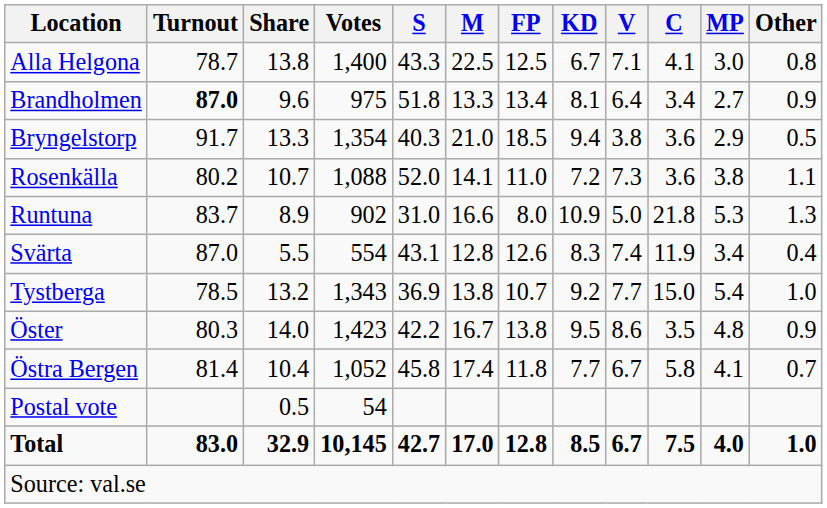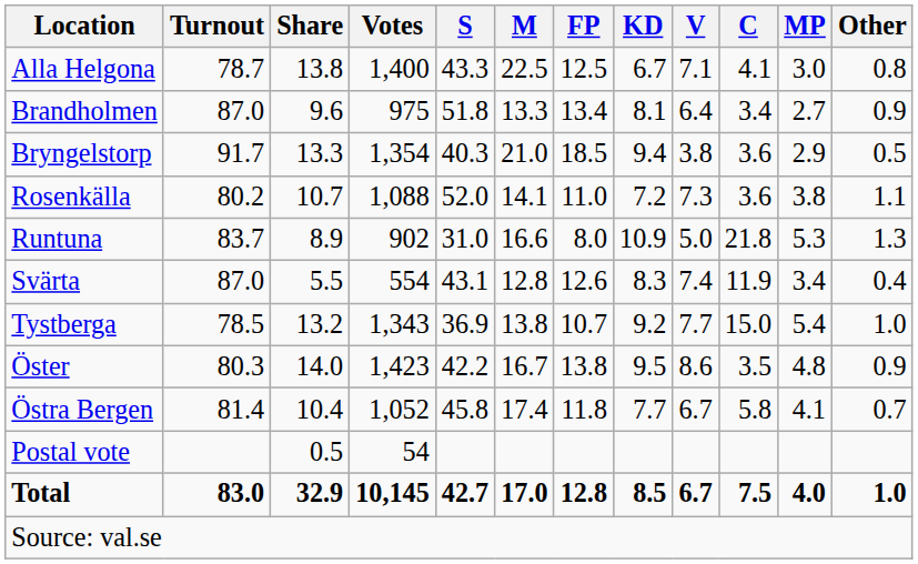 <table class="wikitable sortable" style=text-align:right>
 <tr>
 <th>Location</th>
 <th>Turnout</th>
 <th>Share</th>
 <th>Votes</th>
 <th><a href='#'>S</a></th>
 <th><a href='#'>M</a></th>
 <th><a href='#'>FP</a></th>
 <th><a href='#'>KD</a></th>
 <th><a href='#'>V</a></th>
 <th><a href='#'>C</a></th>
 <th><a href='#'>MP</a></th>
 <th>Other</th>
 </tr>
 <tr>
 <td align=left><a href='#'>Alla Helgona</a></td>
 <td>78.7</td>
 <td>13.8</td>
 <td>1,400</td>
 <td>43.3</td>
 <td>22.5</td>
 <td>12.5</td>
 <td>6.7</td>
 <td>7.1</td>
 <td>4.1</td>
 <td>3.0</td>
 <td>0.8</td>
 </tr>
 <tr>
 <td align=left><a href='#'>Brandholmen</a></td>
-<td><strong>87.0</strong></td>
+<td>87.0</td>
 <td>9.6</td>
 <td>975</td>
 <td>51.8</td>
 <td>13.3</td>
 <td>13.4</td>
 <td>8.1</td>
 <td>6.4</td>
 <td>3.4</td>
 <td>2.7</td>
 <td>0.9</td>
 </tr>
 <tr>
 <td align=left><a href='#'>Bryngelstorp</a></td>
 <td>91.7</td>
 <td>13.3</td>
 <td>1,354</td>
 <td>40.3</td>
 <td>21.0</td>
 <td>18.5</td>
 <td>9.4</td>
 <td>3.8</td>
 <td>3.6</td>
 <td>2.9</td>
 <td>0.5</td>
 </tr>
 <tr>
 <td align=left><a href='#'>Rosenkälla</a></td>
 <td>80.2</td>
 <td>10.7</td>
 <td>1,088</td>
 <td>52.0</td>
 <td>14.1</td>
 <td>11.0</td>
 <td>7.2</td>
 <td>7.3</td>
 <td>3.6</td>
 <td>3.8</td>
 <td>1.1</td>
 </tr>
 <tr>
 <td align=left><a href='#'>Runtuna</a></td>
 <td>83.7</td>
 <td>8.9</td>
 <td>902</td>
 <td>31.0</td>
 <td>16.6</td>
 <td>8.0</td>
 <td>10.9</td>
 <td>5.0</td>
 <td>21.8</td>
 <td>5.3</td>
 <td>1.3</td>
 </tr>
 <tr>
 <td align=left><a href='#'>Svärta</a></td>
 <td>87.0</td>
 <td>5.5</td>
 <td>554</td>
 <td>43.1</td>
 <td>12.8</td>
 <td>12.6</td>
 <td>8.3</td>
 <td>7.4</td>
 <td>11.9</td>
 <td>3.4</td>
 <td>0.4</td>
 </tr>
 <tr>
 <td align=left><a href='#'>Tystberga</a></td>
 <td>78.5</td>
 <td>13.2</td>
 <td>1,343</td>
 <td>36.9</td>
 <td>13.8</td>
 <td>10.7</td>
 <td>9.2</td>
 <td>7.7</td>
 <td>15.0</td>
 <td>5.4</td>
 <td>1.0</td>
 </tr>
 <tr>
 <td align=left><a href='#'>Öster</a></td>
 <td>80.3</td>
 <td>14.0</td>
 <td>1,423</td>
 <td>42.2</td>
 <td>16.7</td>
 <td>13.8</td>
 <td>9.5</td>
 <td>8.6</td>
 <td>3.5</td>
 <td>4.8</td>
 <td>0.9</td>
 </tr>
 <tr>
 <td align=left><a href='#'>Östra Bergen</a></td>
 <td>81.4</td>
 <td>10.4</td>
 <td>1,052</td>
 <td>45.8</td>
 <td>17.4</td>
 <td>11.8</td>
 <td>7.7</td>
 <td>6.7</td>
 <td>5.8</td>
 <td>4.1</td>
 <td>0.7</td>
 </tr>
 <tr>
 <td align=left><a href='#'>Postal vote</a></td>
 <td></td>
 <td>0.5</td>
 <td>54</td>
 <td></td>
 <td></td>
 <td></td>
 <td></td>
 <td></td>
 <td></td>
 <td></td>
 <td></td>
 </tr>
 <tr>
 <td align=left><strong>Total</strong></td>
 <td><strong>83.0</strong></td>
 <td><strong>32.9</strong></td>
 <td><strong>10,145</strong></td>
 <td><strong>42.7</strong></td>
 <td><strong>17.0</strong></td>
 <td><strong>12.8</strong></td>
 <td><strong>8.5</strong></td>
 <td><strong>6.7</strong></td>
 <td><strong>7.5</strong></td>
 <td><strong>4.0</strong></td>
 <td><strong>1.0</strong></td>
 </tr>
 <tr>
 <td align=left colspan=12>Source: val.se</td>
 </tr>
 </table>
